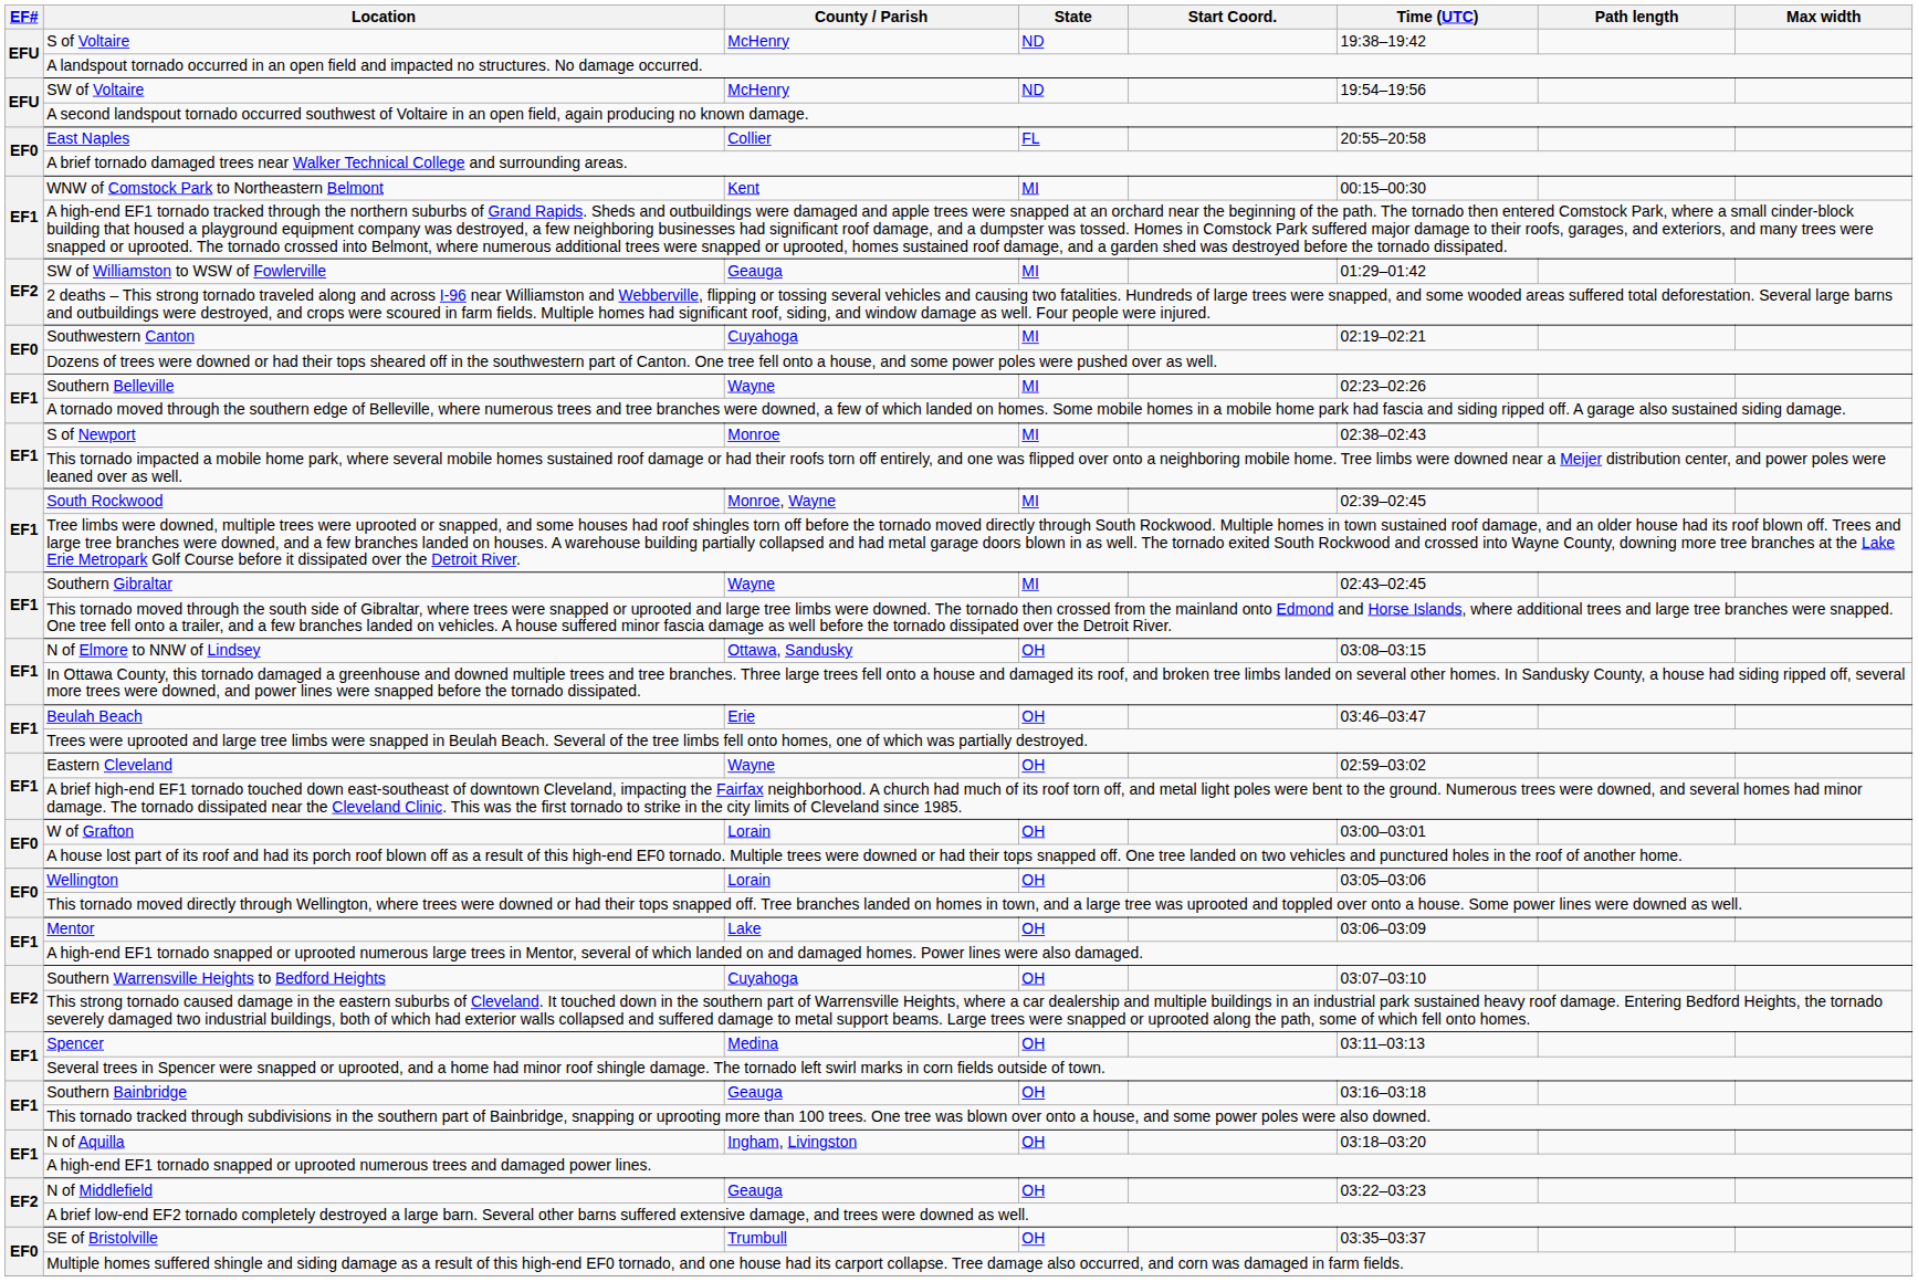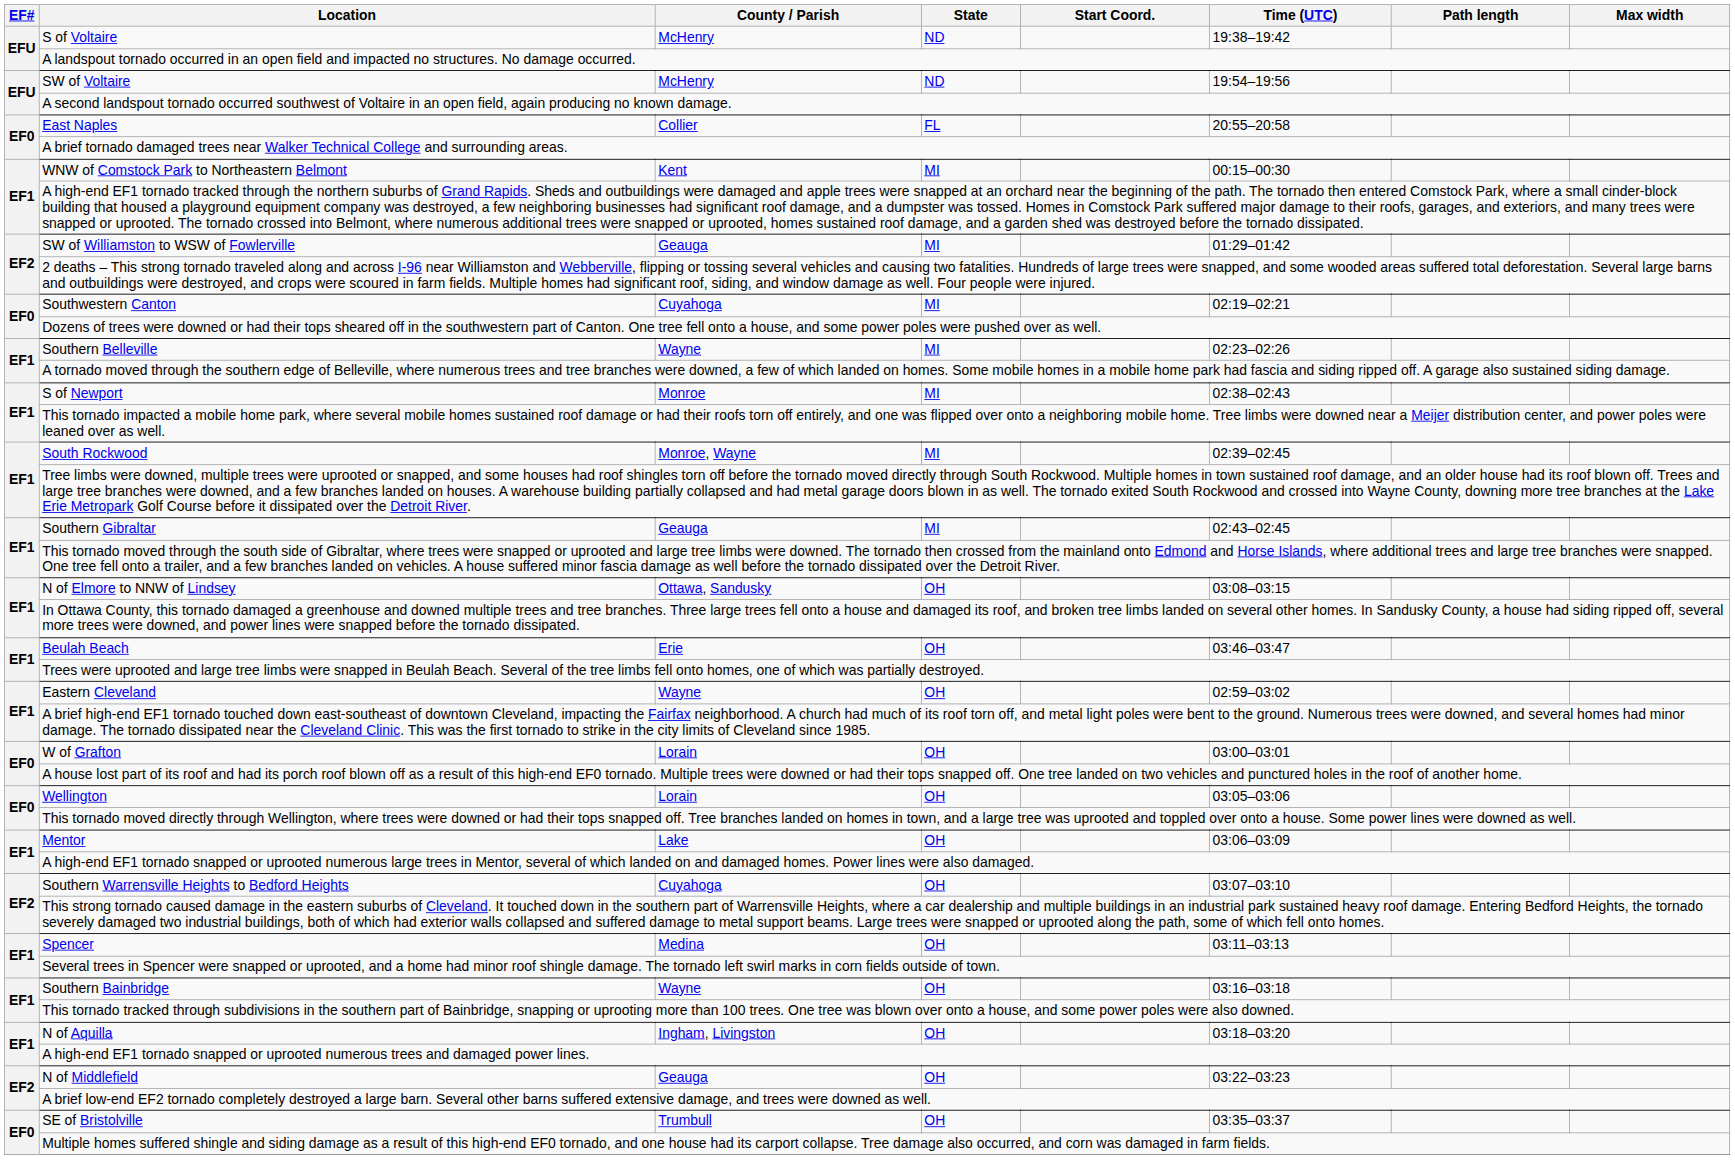 <table class="wikitable sortable" style="width:100%;">
 <tr>
 <th scope="col" width="2%" align="center"><a href='#'>EF#</a></th>
 <th scope="col" align="center" class="unsortable">Location</th>
 <th scope="col" align="center" class="unsortable">County / Parish</th>
 <th scope="col" align="center">State</th>
 <th scope="col" align="center">Start Coord.</th>
 <th scope="col" align="center">Time (<a href='#'>UTC</a>)</th>
 <th scope="col" align="center">Path length</th>
 <th scope="col" align="center">Max width</th>
 </tr>
 <tr>
 <th scope="row" rowspan="2" style="background-color:#">EFU</th>
 <td>S of <a href='#'>Voltaire</a></td>
 <td><a href='#'>McHenry</a></td>
 <td><a href='#'>ND</a></td>
 <td></td>
 <td>19:38–19:42</td>
 <td></td>
 <td></td>
 </tr>
 <tr class="expand-child">
 <td colspan="8" style=" border-bottom: 1px solid black;">A landspout tornado occurred in an open field and impacted no structures. No damage occurred.</td>
 </tr>
 <tr>
 <th scope="row" rowspan="2" style="background-color:#">EFU</th>
 <td>SW of <a href='#'>Voltaire</a></td>
 <td><a href='#'>McHenry</a></td>
 <td><a href='#'>ND</a></td>
 <td></td>
 <td>19:54–19:56</td>
 <td></td>
 <td></td>
 </tr>
 <tr class="expand-child">
 <td colspan="8" style=" border-bottom: 1px solid black;">A second landspout tornado occurred southwest of Voltaire in an open field, again producing no known damage.</td>
 </tr>
 <tr>
 <th scope="row" rowspan="2" style="background-color:#">EF0</th>
 <td><a href='#'>East Naples</a></td>
 <td><a href='#'>Collier</a></td>
 <td><a href='#'>FL</a></td>
 <td></td>
 <td>20:55–20:58</td>
 <td></td>
 <td></td>
 </tr>
 <tr class="expand-child">
 <td colspan="8" style=" border-bottom: 1px solid black;">A brief tornado damaged trees near <a href='#'>Walker Technical College</a> and surrounding areas.</td>
 </tr>
 <tr>
 <th scope="row" rowspan="2" style="background-color:#">EF1</th>
 <td>WNW of <a href='#'>Comstock Park</a> to Northeastern <a href='#'>Belmont</a></td>
 <td><a href='#'>Kent</a></td>
 <td><a href='#'>MI</a></td>
 <td></td>
 <td>00:15–00:30</td>
 <td></td>
 <td></td>
 </tr>
 <tr class="expand-child">
 <td colspan="8" style=" border-bottom: 1px solid black;">A high-end EF1 tornado tracked through the northern suburbs of <a href='#'>Grand Rapids</a>. Sheds and outbuildings were damaged and apple trees were snapped at an orchard near the beginning of the path. The tornado then entered Comstock Park, where a small cinder-block building that housed a playground equipment company was destroyed, a few neighboring businesses had significant roof damage, and a dumpster was tossed. Homes in Comstock Park suffered major damage to their roofs, garages, and exteriors, and many trees were snapped or uprooted. The tornado crossed into Belmont, where numerous additional trees were snapped or uprooted, homes sustained roof damage, and a garden shed was destroyed before the tornado dissipated.</td>
 </tr>
 <tr>
 <th scope="row" rowspan="2" style="background-color:#">EF2</th>
 <td>SW of <a href='#'>Williamston</a> to WSW of <a href='#'>Fowlerville</a></td>
 <td><a href='#'>Geauga</a></td>
 <td><a href='#'>MI</a></td>
 <td></td>
 <td>01:29–01:42</td>
 <td></td>
 <td></td>
 </tr>
 <tr class="expand-child">
 <td colspan="8" style=" border-bottom: 1px solid black;">2 deaths – This strong tornado traveled along and across <a href='#'>I-96</a> near Williamston and <a href='#'>Webberville</a>, flipping or tossing several vehicles and causing two fatalities. Hundreds of large trees were snapped, and some wooded areas suffered total deforestation. Several large barns and outbuildings were destroyed, and crops were scoured in farm fields. Multiple homes had significant roof, siding, and window damage as well. Four people were injured.</td>
 </tr>
 <tr>
 <th scope="row" rowspan="2" style="background-color:#">EF0</th>
 <td>Southwestern <a href='#'>Canton</a></td>
 <td><a href='#'>Cuyahoga</a></td>
 <td><a href='#'>MI</a></td>
 <td></td>
 <td>02:19–02:21</td>
 <td></td>
 <td></td>
 </tr>
 <tr class="expand-child">
 <td colspan="8" style=" border-bottom: 1px solid black;">Dozens of trees were downed or had their tops sheared off in the southwestern part of Canton. One tree fell onto a house, and some power poles were pushed over as well.</td>
 </tr>
 <tr>
 <th scope="row" rowspan="2" style="background-color:#">EF1</th>
 <td>Southern <a href='#'>Belleville</a></td>
 <td><a href='#'>Wayne</a></td>
 <td><a href='#'>MI</a></td>
 <td></td>
 <td>02:23–02:26</td>
 <td></td>
 <td></td>
 </tr>
 <tr class="expand-child">
 <td colspan="8" style=" border-bottom: 1px solid black;">A tornado moved through the southern edge of Belleville, where numerous trees and tree branches were downed, a few of which landed on homes. Some mobile homes in a mobile home park had fascia and siding ripped off. A garage also sustained siding damage.</td>
 </tr>
 <tr>
 <th scope="row" rowspan="2" style="background-color:#">EF1</th>
 <td>S of <a href='#'>Newport</a></td>
 <td><a href='#'>Monroe</a></td>
 <td><a href='#'>MI</a></td>
 <td></td>
 <td>02:38–02:43</td>
 <td></td>
 <td></td>
 </tr>
 <tr class="expand-child">
 <td colspan="8" style=" border-bottom: 1px solid black;">This tornado impacted a mobile home park, where several mobile homes sustained roof damage or had their roofs torn off entirely, and one was flipped over onto a neighboring mobile home. Tree limbs were downed near a <a href='#'>Meijer</a> distribution center, and power poles were leaned over as well.</td>
 </tr>
 <tr>
 <th scope="row" rowspan="2" style="background-color:#">EF1</th>
 <td><a href='#'>South Rockwood</a></td>
 <td><a href='#'>Monroe</a>, <a href='#'>Wayne</a></td>
 <td><a href='#'>MI</a></td>
 <td></td>
 <td>02:39–02:45</td>
 <td></td>
 <td></td>
 </tr>
 <tr class="expand-child">
 <td colspan="8" style=" border-bottom: 1px solid black;">Tree limbs were downed, multiple trees were uprooted or snapped, and some houses had roof shingles torn off before the tornado moved directly through South Rockwood. Multiple homes in town sustained roof damage, and an older house had its roof blown off. Trees and large tree branches were downed, and a few branches landed on houses. A warehouse building partially collapsed and had metal garage doors blown in as well. The tornado exited South Rockwood and crossed into Wayne County, downing more tree branches at the <a href='#'>Lake Erie Metropark</a> Golf Course before it dissipated over the <a href='#'>Detroit River</a>.</td>
 </tr>
 <tr>
 <th scope="row" rowspan="2" style="background-color:#">EF1</th>
 <td>Southern <a href='#'>Gibraltar</a></td>
-<td><a href='#'>Wayne</a></td>
+<td><a href='#'>Geauga</a></td>
 <td><a href='#'>MI</a></td>
 <td></td>
 <td>02:43–02:45</td>
 <td></td>
 <td></td>
 </tr>
 <tr class="expand-child">
 <td colspan="8" style=" border-bottom: 1px solid black;">This tornado moved through the south side of Gibraltar, where trees were snapped or uprooted and large tree limbs were downed. The tornado then crossed from the mainland onto <a href='#'>Edmond</a> and <a href='#'>Horse Islands</a>, where additional trees and large tree branches were snapped. One tree fell onto a trailer, and a few branches landed on vehicles. A house suffered minor fascia damage as well before the tornado dissipated over the Detroit River.</td>
 </tr>
 <tr>
 <th scope="row" rowspan="2" style="background-color:#">EF1</th>
 <td>N of <a href='#'>Elmore</a> to NNW of <a href='#'>Lindsey</a></td>
 <td><a href='#'>Ottawa</a>, <a href='#'>Sandusky</a></td>
 <td><a href='#'>OH</a></td>
 <td></td>
 <td>03:08–03:15</td>
 <td></td>
 <td></td>
 </tr>
 <tr class="expand-child">
 <td colspan="8" style=" border-bottom: 1px solid black;">In Ottawa County, this tornado damaged a greenhouse and downed multiple trees and tree branches. Three large trees fell onto a house and damaged its roof, and broken tree limbs landed on several other homes. In Sandusky County, a house had siding ripped off, several more trees were downed, and power lines were snapped before the tornado dissipated.</td>
 </tr>
 <tr>
 <th scope="row" rowspan="2" style="background-color:#">EF1</th>
 <td><a href='#'>Beulah Beach</a></td>
 <td><a href='#'>Erie</a></td>
 <td><a href='#'>OH</a></td>
 <td></td>
 <td>03:46–03:47</td>
 <td></td>
 <td></td>
 </tr>
 <tr class="expand-child">
 <td colspan="8" style=" border-bottom: 1px solid black;">Trees were uprooted and large tree limbs were snapped in Beulah Beach. Several of the tree limbs fell onto homes, one of which was partially destroyed.</td>
 </tr>
 <tr>
 <th scope="row" rowspan="2" style="background-color:#">EF1</th>
 <td>Eastern <a href='#'>Cleveland</a></td>
 <td><a href='#'>Wayne</a></td>
 <td><a href='#'>OH</a></td>
 <td></td>
 <td>02:59–03:02</td>
 <td></td>
 <td></td>
 </tr>
 <tr class="expand-child">
 <td colspan="8" style=" border-bottom: 1px solid black;">A brief high-end EF1 tornado touched down east-southeast of downtown Cleveland, impacting the <a href='#'>Fairfax</a> neighborhood. A church had much of its roof torn off, and metal light poles were bent to the ground. Numerous trees were downed, and several homes had minor damage. The tornado dissipated near the <a href='#'>Cleveland Clinic</a>. This was the first tornado to strike in the city limits of Cleveland since 1985.</td>
 </tr>
 <tr>
 <th scope="row" rowspan="2" style="background-color:#">EF0</th>
 <td>W of <a href='#'>Grafton</a></td>
 <td><a href='#'>Lorain</a></td>
 <td><a href='#'>OH</a></td>
 <td></td>
 <td>03:00–03:01</td>
 <td></td>
 <td></td>
 </tr>
 <tr class="expand-child">
 <td colspan="8" style=" border-bottom: 1px solid black;">A house lost part of its roof and had its porch roof blown off as a result of this high-end EF0 tornado. Multiple trees were downed or had their tops snapped off. One tree landed on two vehicles and punctured holes in the roof of another home.</td>
 </tr>
 <tr>
 <th scope="row" rowspan="2" style="background-color:#">EF0</th>
 <td><a href='#'>Wellington</a></td>
 <td><a href='#'>Lorain</a></td>
 <td><a href='#'>OH</a></td>
 <td></td>
 <td>03:05–03:06</td>
 <td></td>
 <td></td>
 </tr>
 <tr class="expand-child">
 <td colspan="8" style=" border-bottom: 1px solid black;">This tornado moved directly through Wellington, where trees were downed or had their tops snapped off. Tree branches landed on homes in town, and a large tree was uprooted and toppled over onto a house. Some power lines were downed as well.</td>
 </tr>
 <tr>
 <th scope="row" rowspan="2" style="background-color:#">EF1</th>
 <td><a href='#'>Mentor</a></td>
 <td><a href='#'>Lake</a></td>
 <td><a href='#'>OH</a></td>
 <td></td>
 <td>03:06–03:09</td>
 <td></td>
 <td></td>
 </tr>
 <tr class="expand-child">
 <td colspan="8" style=" border-bottom: 1px solid black;">A high-end EF1 tornado snapped or uprooted numerous large trees in Mentor, several of which landed on and damaged homes. Power lines were also damaged.</td>
 </tr>
 <tr>
 <th scope="row" rowspan="2" style="background-color:#">EF2</th>
 <td>Southern <a href='#'>Warrensville Heights</a> to <a href='#'>Bedford Heights</a></td>
 <td><a href='#'>Cuyahoga</a></td>
 <td><a href='#'>OH</a></td>
 <td></td>
 <td>03:07–03:10</td>
 <td></td>
 <td></td>
 </tr>
 <tr class="expand-child">
 <td colspan="8" style=" border-bottom: 1px solid black;">This strong tornado caused damage in the eastern suburbs of <a href='#'>Cleveland</a>. It touched down in the southern part of Warrensville Heights, where a car dealership and multiple buildings in an industrial park sustained heavy roof damage. Entering Bedford Heights, the tornado severely damaged two industrial buildings, both of which had exterior walls collapsed and suffered damage to metal support beams. Large trees were snapped or uprooted along the path, some of which fell onto homes.</td>
 </tr>
 <tr>
 <th scope="row" rowspan="2" style="background-color:#">EF1</th>
 <td><a href='#'>Spencer</a></td>
 <td><a href='#'>Medina</a></td>
 <td><a href='#'>OH</a></td>
 <td></td>
 <td>03:11–03:13</td>
 <td></td>
 <td></td>
 </tr>
 <tr class="expand-child">
 <td colspan="8" style=" border-bottom: 1px solid black;">Several trees in Spencer were snapped or uprooted, and a home had minor roof shingle damage. The tornado left swirl marks in corn fields outside of town.</td>
 </tr>
 <tr>
 <th scope="row" rowspan="2" style="background-color:#">EF1</th>
 <td>Southern <a href='#'>Bainbridge</a></td>
-<td><a href='#'>Geauga</a></td>
+<td><a href='#'>Wayne</a></td>
 <td><a href='#'>OH</a></td>
 <td></td>
 <td>03:16–03:18</td>
 <td></td>
 <td></td>
 </tr>
 <tr class="expand-child">
 <td colspan="8" style=" border-bottom: 1px solid black;">This tornado tracked through subdivisions in the southern part of Bainbridge, snapping or uprooting more than 100 trees. One tree was blown over onto a house, and some power poles were also downed.</td>
 </tr>
 <tr>
 <th scope="row" rowspan="2" style="background-color:#">EF1</th>
 <td>N of <a href='#'>Aquilla</a></td>
 <td><a href='#'>Ingham</a>, <a href='#'>Livingston</a></td>
 <td><a href='#'>OH</a></td>
 <td></td>
 <td>03:18–03:20</td>
 <td></td>
 <td></td>
 </tr>
 <tr class="expand-child">
 <td colspan="8" style=" border-bottom: 1px solid black;">A high-end EF1 tornado snapped or uprooted numerous trees and damaged power lines.</td>
 </tr>
 <tr>
 <th scope="row" rowspan="2" style="background-color:#">EF2</th>
 <td>N of <a href='#'>Middlefield</a></td>
 <td><a href='#'>Geauga</a></td>
 <td><a href='#'>OH</a></td>
 <td></td>
 <td>03:22–03:23</td>
 <td></td>
 <td></td>
 </tr>
 <tr class="expand-child">
 <td colspan="8" style=" border-bottom: 1px solid black;">A brief low-end EF2 tornado completely destroyed a large barn. Several other barns suffered extensive damage, and trees were downed as well.</td>
 </tr>
 <tr>
 <th scope="row" rowspan="2" style="background-color:#">EF0</th>
 <td>SE of <a href='#'>Bristolville</a></td>
 <td><a href='#'>Trumbull</a></td>
 <td><a href='#'>OH</a></td>
 <td></td>
 <td>03:35–03:37</td>
 <td></td>
 <td></td>
 </tr>
 <tr class="expand-child">
 <td colspan="8" style=" border-bottom: 1px solid black;">Multiple homes suffered shingle and siding damage as a result of this high-end EF0 tornado, and one house had its carport collapse. Tree damage also occurred, and corn was damaged in farm fields.</td>
 </tr>
 <tr>
 </tr>
 </table>
